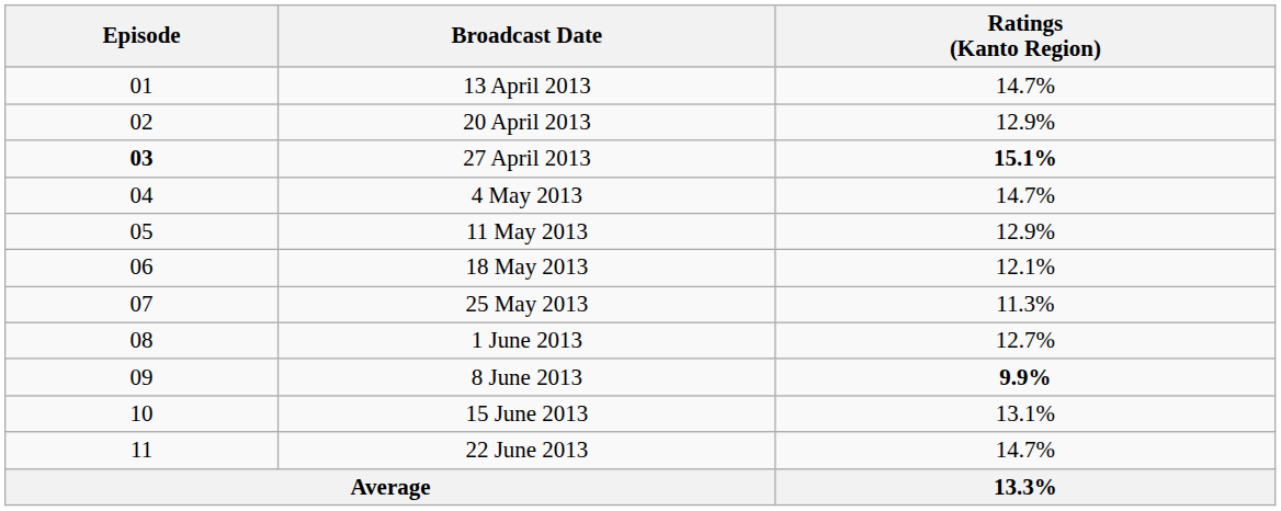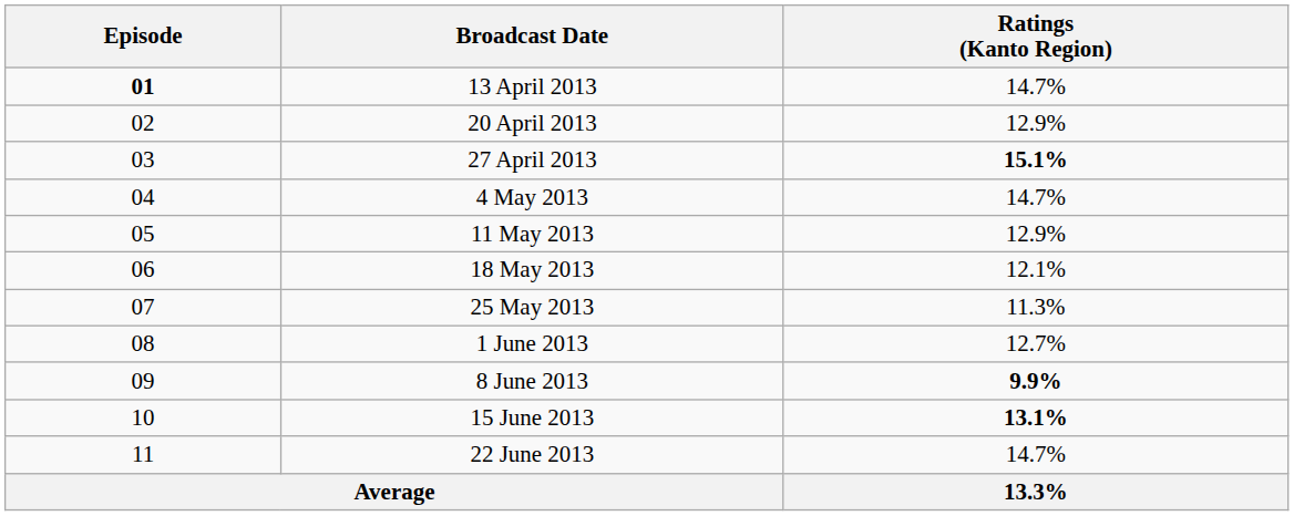 <table class="wikitable" style="text-align:center" width=70%>
 <tr>
 <th>Episode</th>
 <th>Broadcast Date</th>
 <th>Ratings<br>(Kanto Region) </th>
 </tr>
 <tr>
-<td>01</td>
+<td><strong>01</strong></td>
 <td>13 April 2013</td>
 <td>14.7%</td>
 </tr>
 <tr>
 <td>02</td>
 <td>20 April 2013</td>
 <td>12.9%</td>
 </tr>
 <tr>
-<td><strong>03</strong></td>
+<td>03</td>
 <td>27 April 2013</td>
 <td><span><strong>15.1%</strong></span></td>
 </tr>
 <tr>
 <td>04</td>
 <td>4 May 2013</td>
 <td>14.7%</td>
 </tr>
 <tr>
 <td>05</td>
 <td>11 May 2013</td>
 <td>12.9%</td>
 </tr>
 <tr>
 <td>06</td>
 <td>18 May 2013</td>
 <td>12.1%</td>
 </tr>
 <tr>
 <td>07</td>
 <td>25 May 2013</td>
 <td>11.3%</td>
 </tr>
 <tr>
 <td>08</td>
 <td>1 June 2013</td>
 <td>12.7%</td>
 </tr>
 <tr>
 <td>09</td>
 <td>8 June 2013</td>
 <td><span><strong>9.9%</strong></span></td>
 </tr>
 <tr>
 <td>10</td>
 <td>15 June 2013</td>
-<td>13.1%</td>
+<td><strong>13.1%</strong></td>
 </tr>
 <tr>
 <td>11</td>
 <td>22 June 2013</td>
 <td>14.7%</td>
 </tr>
 <tr>
 <th colspan=2>Average</th>
 <th>13.3%</th>
 </tr>
 </table>
